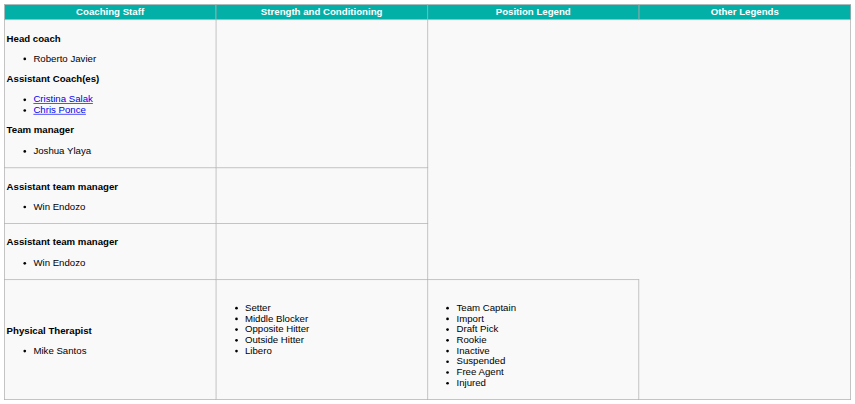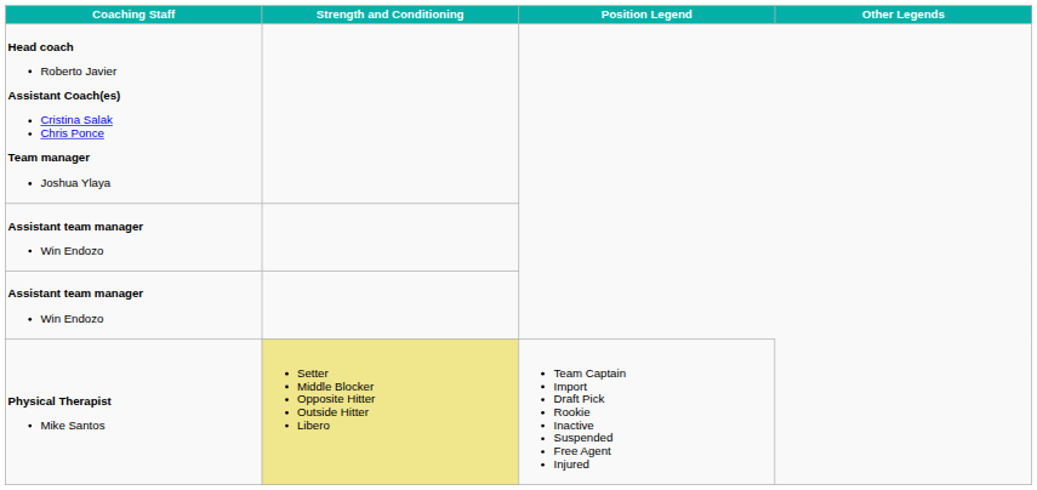 <table class=wikitable style="font-size:90%; width:100%">
 <tr>
 <th style="background:#02B0A8; color:white;" width="25%">Coaching Staff</th>
 <th style="background:#02B0A8; color:white;" width="25%">Strength and Conditioning</th>
 <th style="background:#02B0A8; color:white;" width="25%">Position Legend</th>
 <th style="background:#02B0A8; color:white;" width="25%">Other Legends</th>
 </tr>
 <tr>
 <td valign="top"><br><strong>Head coach</strong><ul><li>Roberto Javier</li></ul><strong>Assistant Coach(es)</strong><ul><li><a href='#'>Cristina Salak</a></li><li><a href='#'>Chris Ponce</a></li></ul><strong>Team manager</strong><ul><li>Joshua Ylaya</li></ul></td>
 <td valign="top"></td>
 </tr>
 <tr>
 <td><br><strong>Assistant team manager</strong><ul><li>Win Endozo</li></ul></td>
 <td valign="top"></td>
 </tr>
 <tr>
 <td><br><strong>Assistant team manager</strong><ul><li>Win Endozo</li></ul></td>
 <td valign="top"></td>
 </tr>
 <tr>
 <td><br><strong>Physical Therapist</strong><ul><li>Mike Santos</li></ul></td>
-<td valign="top"><br><ul><li> Setter</li><li> Middle Blocker</li><li> Opposite Hitter</li><li> Outside Hitter</li><li> Libero</li></ul></td>
+<td valign="top" style="background: khaki;"><br><ul><li> Setter</li><li> Middle Blocker</li><li> Opposite Hitter</li><li> Outside Hitter</li><li> Libero</li></ul></td>
 <td valign="top"><br><ul><li> Team Captain</li><li> Import</li><li> Draft Pick</li><li> Rookie</li><li> Inactive</li><li> Suspended</li><li> Free Agent</li><li> Injured</li></ul></td>
 </tr>
 </table>
